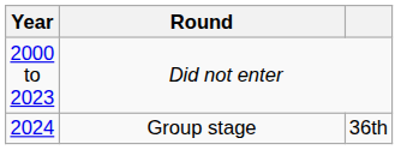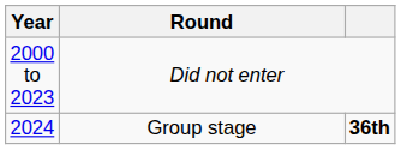 <table class="wikitable" style="text-align: center; font-size:90%">
 <tr>
 <th>Year</th>
 <th style="width:200px">Round</th>
 <th></th>
 </tr>
 <tr>
 <td><a href='#'>2000</a><br>to<br><a href='#'>2023</a></td>
 <td colspan="2"><em>Did not enter</em></td>
 </tr>
 <tr>
 <td><a href='#'>2024</a></td>
 <td>Group stage</td>
-<td>36th</td>
+<td><strong>36th</strong></td>
 </tr>
 </table>
